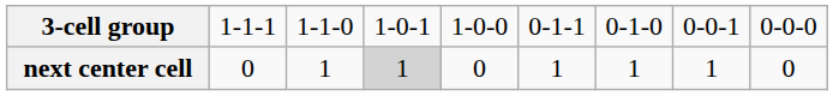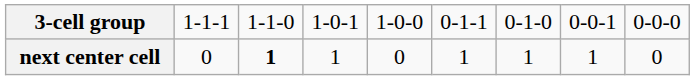 <table class="wikitable" style="width: 500px; margin: auto; text-align: center">
 <tr>
 <th>3-cell group</th>
 <td>1-1-1</td>
 <td>1-1-0</td>
 <td>1-0-1</td>
 <td>1-0-0</td>
 <td>0-1-1</td>
 <td>0-1-0</td>
 <td>0-0-1</td>
 <td>0-0-0</td>
 </tr>
 <tr>
 <th>next center cell</th>
 <td>0</td>
+<td><strong>1</strong></td>
 <td>1</td>
-<td style="background: lightgrey;">1</td>
 <td>0</td>
 <td>1</td>
 <td>1</td>
 <td>1</td>
 <td>0</td>
 </tr>
 </table>
